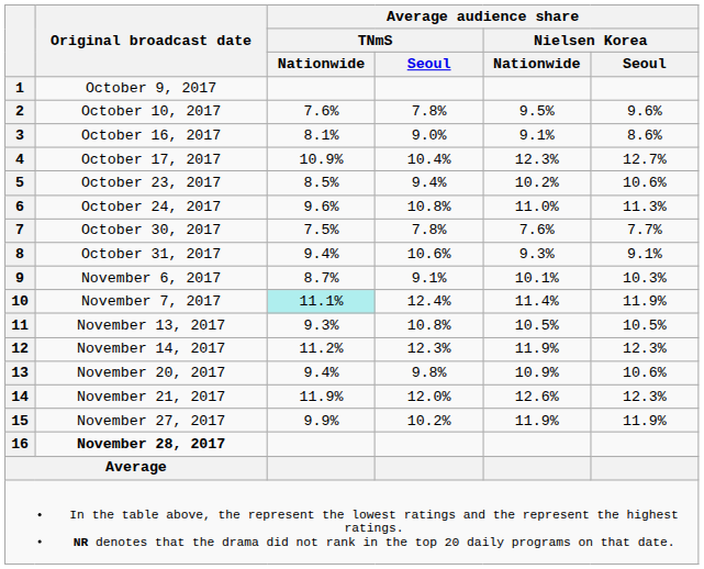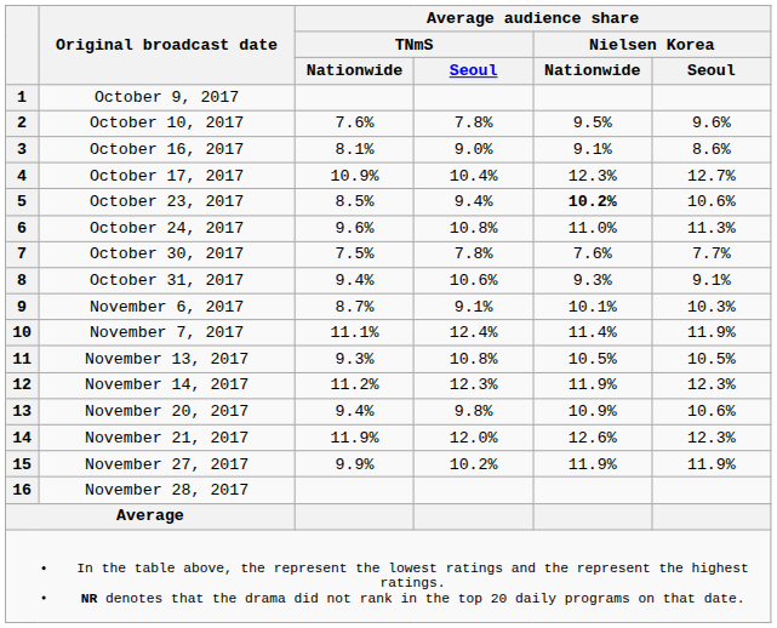 <table class="wikitable" style="text-align:center; width:620px">
 <tr>
 <th rowspan="3"></th>
 <th rowspan="3">Original broadcast date</th>
 <th colspan="4">Average audience share</th>
 </tr>
 <tr>
 <th colspan="2">TNmS</th>
 <th colspan="2">Nielsen Korea</th>
 </tr>
 <tr>
 <th width="90">Nationwide</th>
 <th width="90"><a href='#'>Seoul</a></th>
 <th width="90">Nationwide</th>
 <th width="90">Seoul</th>
 </tr>
 <tr>
 <th>1</th>
 <td>October 9, 2017</td>
 <td> </td>
 <td> </td>
 <td> </td>
 <td> </td>
 </tr>
 <tr>
 <th>2</th>
 <td>October 10, 2017</td>
 <td>7.6% </td>
 <td>7.8% </td>
 <td>9.5% </td>
 <td>9.6% </td>
 </tr>
 <tr>
 <th>3</th>
 <td>October 16, 2017</td>
 <td>8.1% </td>
 <td>9.0% </td>
 <td>9.1% </td>
 <td>8.6% </td>
 </tr>
 <tr>
 <th>4</th>
 <td>October 17, 2017</td>
 <td>10.9% </td>
 <td>10.4% </td>
 <td>12.3% </td>
 <td>12.7% </td>
 </tr>
 <tr>
 <th>5</th>
 <td>October 23, 2017</td>
 <td>8.5% </td>
 <td>9.4% </td>
-<td>10.2% </td>
+<td><strong>10.2% </strong></td>
 <td>10.6% </td>
 </tr>
 <tr>
 <th>6</th>
 <td>October 24, 2017</td>
 <td>9.6% </td>
 <td>10.8% </td>
 <td>11.0% </td>
 <td>11.3% </td>
 </tr>
 <tr>
 <th>7</th>
 <td>October 30, 2017</td>
 <td>7.5% </td>
 <td>7.8% </td>
 <td>7.6% </td>
 <td>7.7% </td>
 </tr>
 <tr>
 <th>8</th>
 <td>October 31, 2017</td>
 <td>9.4% </td>
 <td>10.6% </td>
 <td>9.3% </td>
 <td>9.1% </td>
 </tr>
 <tr>
 <th>9</th>
 <td>November 6, 2017</td>
 <td>8.7% </td>
 <td>9.1% </td>
 <td>10.1% </td>
 <td>10.3% </td>
 </tr>
 <tr>
 <th>10</th>
 <td>November 7, 2017</td>
-<td style="background: paleturquoise;">11.1% </td>
+<td>11.1% </td>
 <td>12.4% </td>
 <td>11.4% </td>
 <td>11.9% </td>
 </tr>
 <tr>
 <th>11</th>
 <td>November 13, 2017</td>
 <td>9.3% </td>
 <td>10.8% </td>
 <td>10.5% </td>
 <td>10.5% </td>
 </tr>
 <tr>
 <th>12</th>
 <td>November 14, 2017</td>
 <td>11.2% </td>
 <td>12.3% </td>
 <td>11.9% </td>
 <td>12.3% </td>
 </tr>
 <tr>
 <th>13</th>
 <td>November 20, 2017</td>
 <td>9.4% </td>
 <td>9.8% </td>
 <td>10.9% </td>
 <td>10.6% </td>
 </tr>
 <tr>
 <th>14</th>
 <td>November 21, 2017</td>
 <td>11.9% </td>
 <td>12.0% </td>
 <td>12.6% </td>
 <td>12.3% </td>
 </tr>
 <tr>
 <th>15</th>
 <td>November 27, 2017</td>
 <td>9.9% </td>
 <td>10.2% </td>
 <td>11.9% </td>
 <td>11.9% </td>
 </tr>
 <tr>
 <th>16</th>
-<td><strong>November 28, 2017</strong></td>
+<td>November 28, 2017</td>
 <td> </td>
 <td> </td>
 <td> </td>
 <td> </td>
 </tr>
 <tr>
 <th colspan="2">Average</th>
 <th></th>
 <th></th>
 <th></th>
 <th></th>
 </tr>
 <tr>
 <td colspan="6" style="font-size:85%"><br><ul><li>In the table above, the <strong></strong> represent the lowest ratings and the <strong></strong> represent the highest ratings.</li><li><strong>NR</strong> denotes that the drama did not rank in the top 20 daily programs on that date.</li></ul></td>
 </tr>
 </table>
